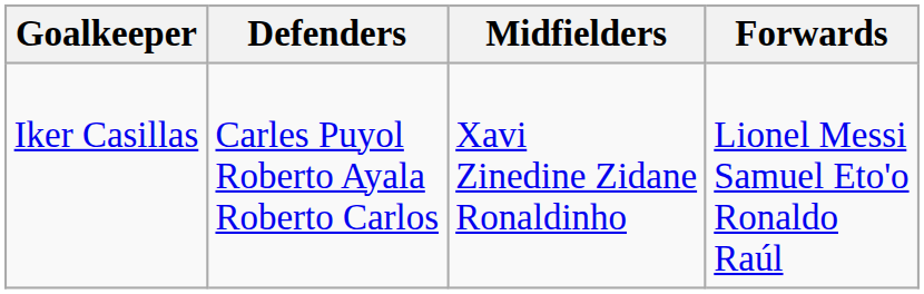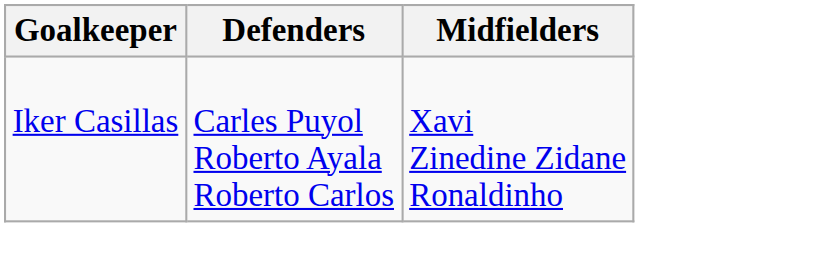 <table class="wikitable centre">
 <tr>
 <th>Goalkeeper</th>
 <th>Defenders</th>
 <th>Midfielders</th>
-<th>Forwards</th>
 </tr>
 <tr>
 <td valign=top><br> <a href='#'>Iker Casillas</a></td>
 <td valign=top><br> <a href='#'>Carles Puyol</a><br>  <a href='#'>Roberto Ayala</a><br>  <a href='#'>Roberto Carlos</a></td>
 <td valign=top><br> <a href='#'>Xavi</a><br>  <a href='#'>Zinedine Zidane</a><br>  <a href='#'>Ronaldinho</a></td>
-<td valign=top><br> <a href='#'>Lionel Messi</a><br>  <a href='#'>Samuel Eto'o</a><br>  <a href='#'>Ronaldo</a><br>  <a href='#'>Raúl</a></td>
 </tr>
 </table>
